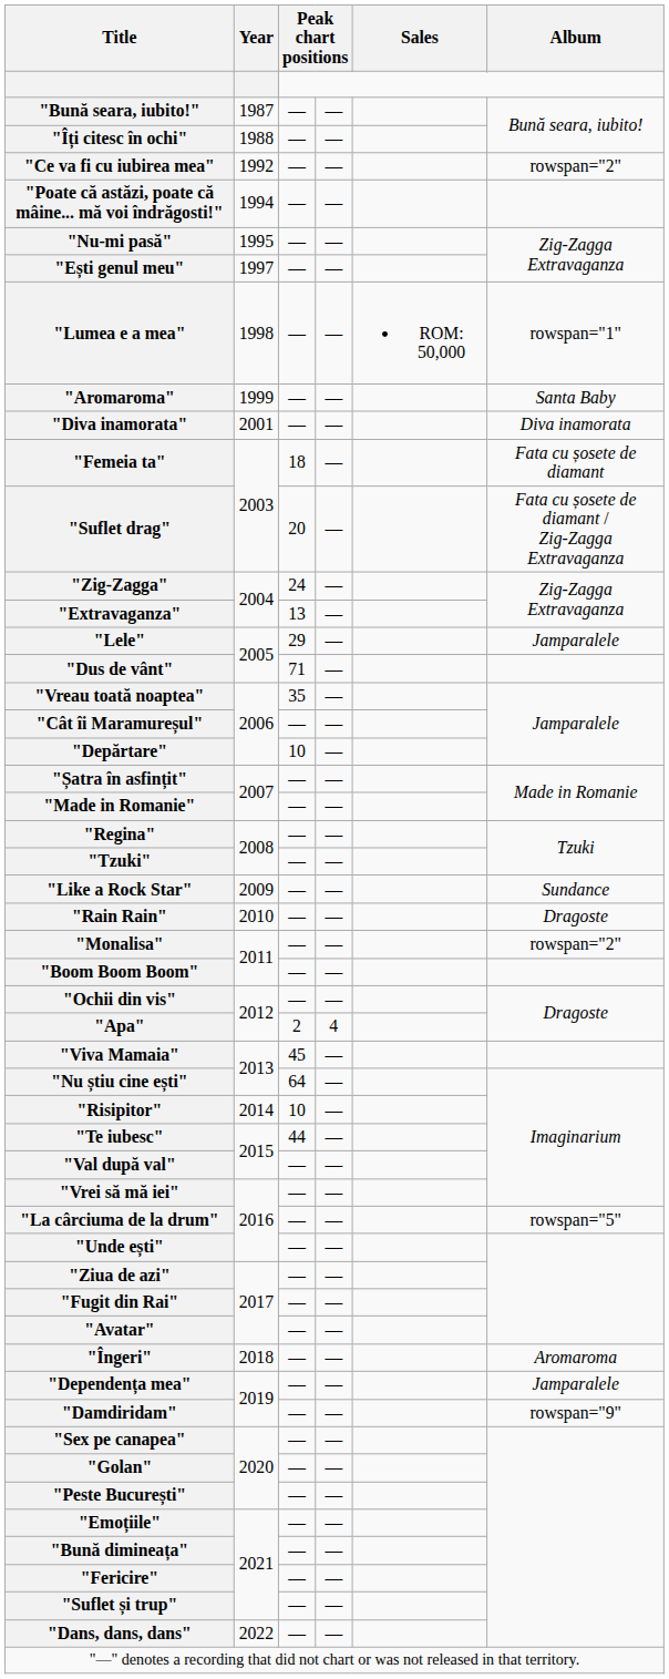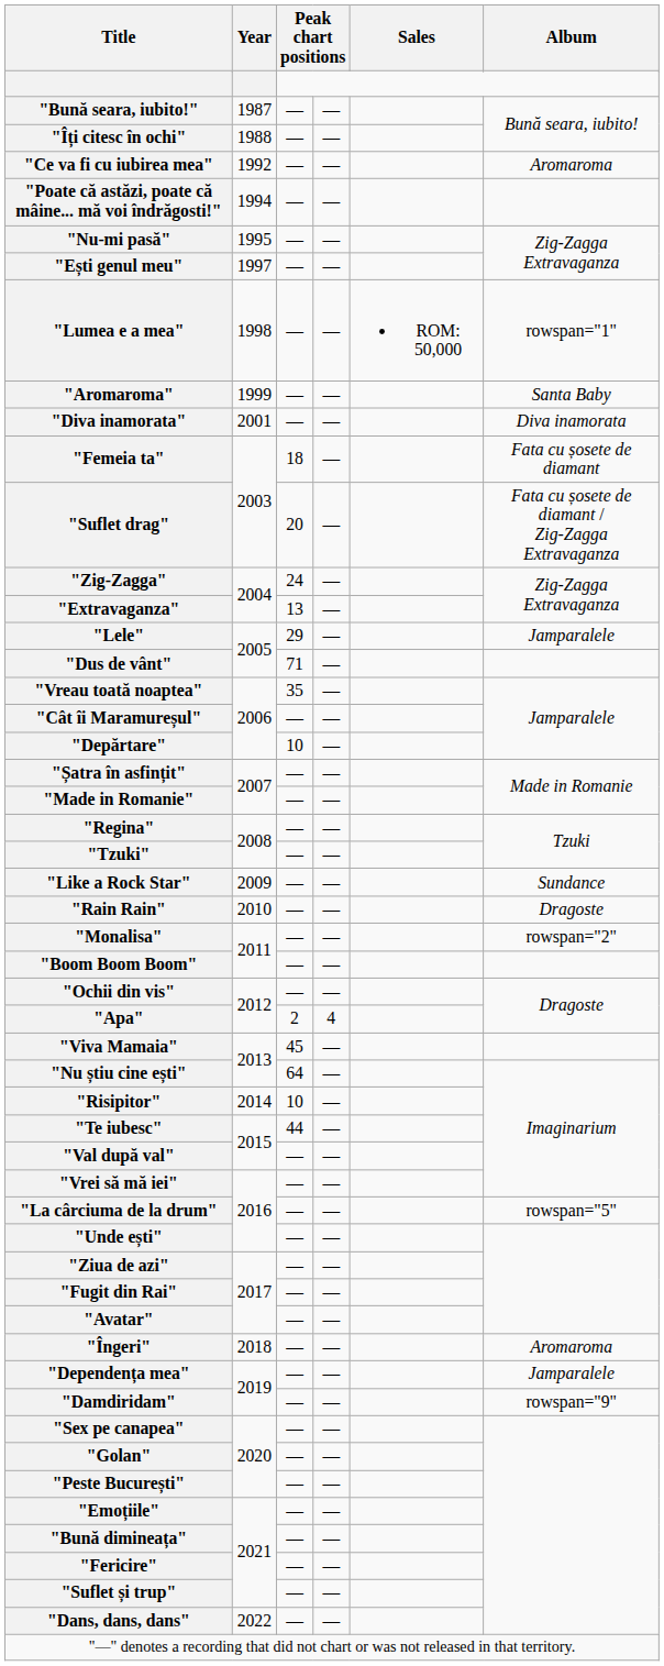 <table class="wikitable plainrowheaders" style="text-align:center;">
 <tr>
 <th scope="col" rowspan="2" style="width:20em;">Title</th>
 <th scope="col" rowspan="2" style="width:1em;">Year</th>
 <th colspan="2" scope="col">Peak chart positions</th>
 <th scope="col" rowspan="2" style="width:10em;">Sales</th>
 <th scope="col" rowspan="2" style="width:15em;">Album</th>
 </tr>
 <tr>
 </tr>
 <tr>
 <th scope="col" style="width:2.5em;font-size:90%;"><a href='#'></a><br></th>
 <th scope="col" style="width:2.5em;font-size:90%;"><a href='#'></a><br></th>
 </tr>
 <tr>
 <th scope="row">"Bună seara, iubito!"</th>
 <td rowspan="1">1987</td>
 <td>—</td>
 <td>—</td>
 <td></td>
 <td rowspan="2"><em>Bună seara, iubito!</em></td>
 </tr>
 <tr>
 <th scope="row">"Îți citesc în ochi"</th>
 <td rowspan="1">1988</td>
 <td>—</td>
 <td>—</td>
 <td></td>
 </tr>
 <tr>
 <th scope="row">"Ce va fi cu iubirea mea"</th>
 <td rowspan="1">1992</td>
 <td>—</td>
 <td>—</td>
 <td></td>
-<td>rowspan="2" </td>
+<td><em>Aromaroma</em></td>
 </tr>
 <tr>
 <th scope="row">"Poate că astăzi, poate că mâine... mă voi îndrăgosti!"<br></th>
 <td rowspan="1">1994</td>
 <td>—</td>
 <td>—</td>
 <td></td>
 </tr>
 <tr>
 <th scope="row">"Nu-mi pasă"<br></th>
 <td rowspan="1">1995</td>
 <td>—</td>
 <td>—</td>
 <td></td>
 <td rowspan="2"><em>Zig-Zagga Extravaganza</em></td>
 </tr>
 <tr>
 <th scope="row">"Ești genul meu"</th>
 <td rowspan="1">1997</td>
 <td>—</td>
 <td>—</td>
 <td></td>
 </tr>
 <tr>
 <th scope="row">"Lumea e a mea"<br></th>
 <td rowspan="1">1998</td>
 <td>—</td>
 <td>—</td>
 <td><br><ul><li>ROM: 50,000</li></ul></td>
 <td>rowspan="1" </td>
 </tr>
 <tr>
 <th scope="row">"Aromaroma"</th>
 <td rowspan="1">1999</td>
 <td>—</td>
 <td>—</td>
 <td></td>
 <td><em>Santa Baby</em></td>
 </tr>
 <tr>
 <th scope="row">"Diva inamorata"</th>
 <td rowspan="1">2001</td>
 <td>—</td>
 <td>—</td>
 <td></td>
 <td><em>Diva inamorata</em></td>
 </tr>
 <tr>
 <th scope="row">"Femeia ta"</th>
 <td rowspan="2">2003</td>
 <td>18</td>
 <td>—</td>
 <td></td>
 <td rowspan="1"><em>Fata cu șosete de diamant</em></td>
 </tr>
 <tr>
 <th scope="row">"Suflet drag"</th>
 <td>20</td>
 <td>—</td>
 <td></td>
 <td rowspan="1"><em>Fata cu șosete de diamant</em> /<br><em>Zig-Zagga Extravaganza</em></td>
 </tr>
 <tr>
 <th scope="row">"Zig-Zagga"</th>
 <td rowspan="2">2004</td>
 <td>24</td>
 <td>—</td>
 <td></td>
 <td rowspan="2"><em>Zig-Zagga Extravaganza</em></td>
 </tr>
 <tr>
 <th scope="row">"Extravaganza"</th>
 <td>13</td>
 <td>—</td>
 <td></td>
 </tr>
 <tr>
 <th scope="row">"Lele"</th>
 <td rowspan="2">2005</td>
 <td>29</td>
 <td>—</td>
 <td></td>
 <td rowspan="1"><em>Jamparalele</em></td>
 </tr>
 <tr>
 <th scope="row">"Dus de vânt"<br></th>
 <td>71</td>
 <td>—</td>
 <td></td>
 <td></td>
 </tr>
 <tr>
 <th scope="row">"Vreau toată noaptea"</th>
 <td rowspan="3">2006</td>
 <td>35</td>
 <td>—</td>
 <td></td>
 <td rowspan="3"><em>Jamparalele</em></td>
 </tr>
 <tr>
 <th scope="row">"Cât îi Maramureșul"</th>
 <td>—</td>
 <td>—</td>
 <td></td>
 </tr>
 <tr>
 <th scope="row">"Depărtare"</th>
 <td>10</td>
 <td>—</td>
 <td></td>
 </tr>
 <tr>
 <th scope="row">"Șatra în asfințit"<br></th>
 <td rowspan="2">2007</td>
 <td>—</td>
 <td>—</td>
 <td></td>
 <td rowspan="2"><em>Made in Romanie</em></td>
 </tr>
 <tr>
 <th scope="row">"Made in Romanie"<br></th>
 <td>—</td>
 <td>—</td>
 <td></td>
 </tr>
 <tr>
 <th scope="row">"Regina"<br></th>
 <td rowspan="2">2008</td>
 <td>—</td>
 <td>—</td>
 <td></td>
 <td rowspan="2"><em>Tzuki</em></td>
 </tr>
 <tr>
 <th scope="row">"Tzuki"</th>
 <td>—</td>
 <td>—</td>
 <td></td>
 </tr>
 <tr>
 <th scope="row">"Like a Rock Star"</th>
 <td rowspan="1">2009</td>
 <td>—</td>
 <td>—</td>
 <td></td>
 <td><em>Sundance</em></td>
 </tr>
 <tr>
 <th scope="row">"Rain Rain"</th>
 <td rowspan="1">2010</td>
 <td>—</td>
 <td>—</td>
 <td></td>
 <td><em>Dragoste</em></td>
 </tr>
 <tr>
 <th scope="row">"Monalisa"<br></th>
 <td rowspan="2">2011</td>
 <td>—</td>
 <td>—</td>
 <td></td>
 <td>rowspan="2"</td>
 </tr>
 <tr>
 <th scope="row">"Boom Boom Boom"</th>
 <td>—</td>
 <td>—</td>
 <td></td>
 </tr>
 <tr>
 <th scope="row">"Ochii din vis"<br></th>
 <td rowspan="2">2012</td>
 <td>—</td>
 <td>—</td>
 <td></td>
 <td rowspan="2"><em>Dragoste</em></td>
 </tr>
 <tr>
 <th scope="row">"Apa"<br></th>
 <td>2</td>
 <td>4</td>
 <td></td>
 </tr>
 <tr>
 <th scope="row">"Viva Mamaia"<br></th>
 <td rowspan="2">2013</td>
 <td>45</td>
 <td>—</td>
 <td></td>
 <td></td>
 </tr>
 <tr>
 <th scope="row">"Nu știu cine ești"<br></th>
 <td>64</td>
 <td>—</td>
 <td></td>
 <td rowspan="5"><em>Imaginarium</em></td>
 </tr>
 <tr>
 <th scope="row">"Risipitor"</th>
 <td rowspan="1">2014</td>
 <td>10</td>
 <td>—</td>
 <td></td>
 </tr>
 <tr>
 <th scope="row">"Te iubesc"<br></th>
 <td rowspan="2">2015</td>
 <td>44</td>
 <td>—</td>
 <td></td>
 </tr>
 <tr>
 <th scope="row">"Val după val"</th>
 <td>—</td>
 <td>—</td>
 <td></td>
 </tr>
 <tr>
 <th scope="row">"Vrei să mă iei"<br></th>
 <td rowspan="3">2016</td>
 <td>—</td>
 <td>—</td>
 <td></td>
 </tr>
 <tr>
 <th scope="row">"La cârciuma de la drum"<br></th>
 <td>—</td>
 <td>—</td>
 <td></td>
 <td>rowspan="5" </td>
 </tr>
 <tr>
 <th scope="row">"Unde ești"<br></th>
 <td>—</td>
 <td>—</td>
 <td></td>
 </tr>
 <tr>
 <th scope="row">"Ziua de azi"</th>
 <td rowspan="3">2017</td>
 <td>—</td>
 <td>—</td>
 <td></td>
 </tr>
 <tr>
 <th scope="row">"Fugit din Rai"</th>
 <td>—</td>
 <td>—</td>
 <td></td>
 </tr>
 <tr>
 <th scope="row">"Avatar"</th>
 <td>—</td>
 <td>—</td>
 <td></td>
 </tr>
 <tr>
 <th scope="row">"Îngeri"</th>
 <td rowspan="1">2018</td>
 <td>—</td>
 <td>—</td>
 <td></td>
 <td><em>Aromaroma</em></td>
 </tr>
 <tr>
 <th scope="row">"Dependența mea"<br></th>
 <td rowspan="2">2019</td>
 <td>—</td>
 <td>—</td>
 <td></td>
 <td rowspan="1"><em>Jamparalele</em></td>
 </tr>
 <tr>
 <th scope="row">"Damdiridam"</th>
 <td>—</td>
 <td>—</td>
 <td></td>
 <td>rowspan="9" </td>
 </tr>
 <tr>
 <th scope="row">"Sex pe canapea"</th>
 <td rowspan="3">2020</td>
 <td>—</td>
 <td>—</td>
 <td></td>
 </tr>
 <tr>
 <th scope="row">"Golan"<br></th>
 <td>—</td>
 <td>—</td>
 <td></td>
 </tr>
 <tr>
 <th scope="row">"Peste București"<br></th>
 <td>—</td>
 <td>—</td>
 <td></td>
 </tr>
 <tr>
 <th scope="row">"Emoțiile"</th>
 <td rowspan="4">2021</td>
 <td>—</td>
 <td>—</td>
 <td></td>
 </tr>
 <tr>
 <th scope="row">"Bună dimineața"<br></th>
 <td>—</td>
 <td>—</td>
 <td></td>
 </tr>
 <tr>
 <th scope="row">"Fericire"<br></th>
 <td>—</td>
 <td>—</td>
 <td></td>
 </tr>
 <tr>
 <th scope="row">"Suflet și trup"<br></th>
 <td>—</td>
 <td>—</td>
 <td></td>
 </tr>
 <tr>
 <th scope="row">"Dans, dans, dans"</th>
 <td rowspan="1">2022</td>
 <td>—</td>
 <td>—</td>
 <td></td>
 </tr>
 <tr>
 <td colspan="18" style="font-size:90%">"—" denotes a recording that did not chart or was not released in that territory.</td>
 </tr>
 </table>
